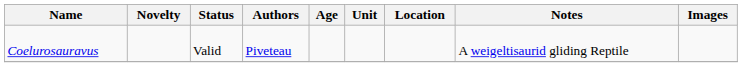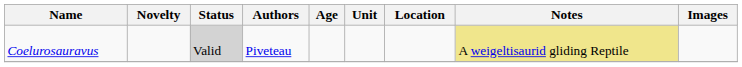 <table class="wikitable sortable" align="center" width="100%">
 <tr>
 <th>Name</th>
 <th>Novelty</th>
 <th>Status</th>
 <th>Authors</th>
 <th>Age</th>
 <th>Unit</th>
 <th>Location</th>
 <th>Notes</th>
 <th>Images</th>
 </tr>
 <tr>
 <td><br><em><a href='#'>Coelurosauravus</a></em></td>
 <td></td>
-<td><br>Valid</td>
+<td style="background: lightgrey;"><br>Valid</td>
 <td><br><a href='#'>Piveteau</a></td>
 <td></td>
 <td></td>
 <td><br></td>
-<td><br>A <a href='#'>weigeltisaurid</a> gliding Reptile</td>
+<td style="background: khaki;"><br>A <a href='#'>weigeltisaurid</a> gliding Reptile</td>
 <td><br></td>
 </tr>
 <tr>
 </tr>
 </table>
